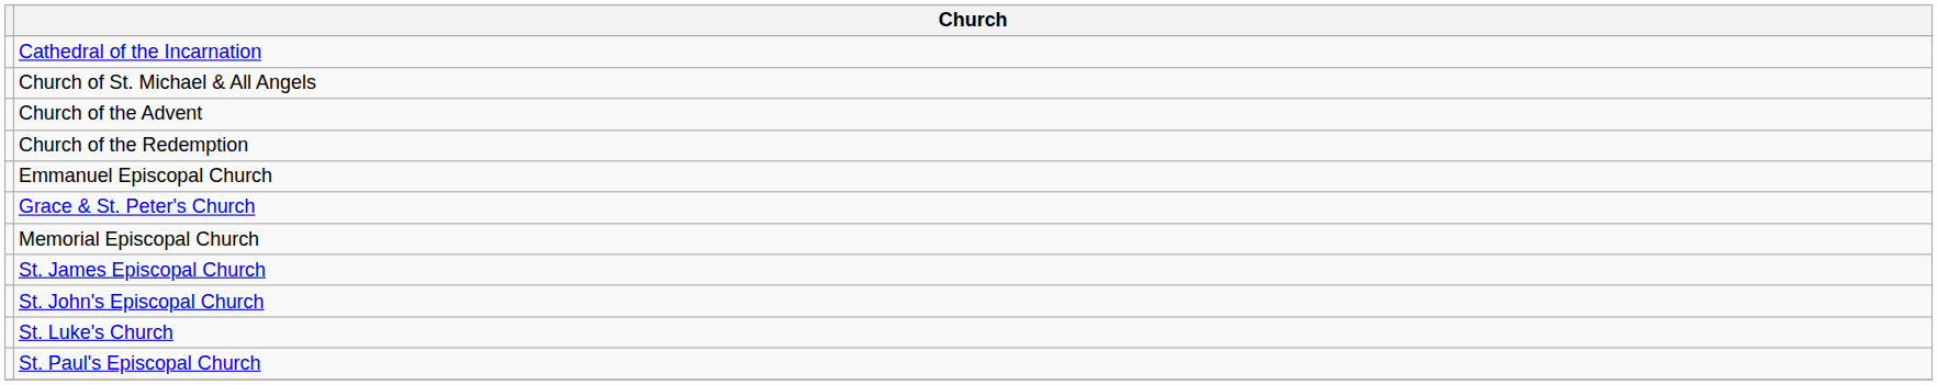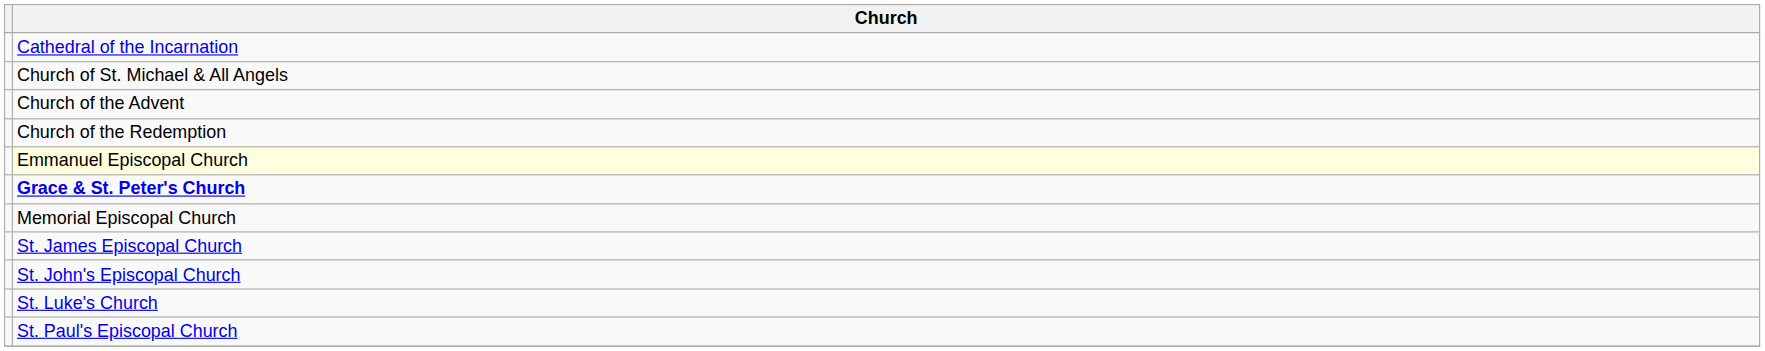 <table class="wikitable">
 <tr>
 <th width="0%"></th>
 <th width="100%">Church</th>
 </tr>
 <tr>
 </tr>
 <tr>
 <td></td>
 <td><a href='#'>Cathedral of the Incarnation</a></td>
 </tr>
 <tr>
 <td></td>
 <td>Church of St. Michael & All Angels</td>
 </tr>
 <tr>
 <td></td>
 <td>Church of the Advent</td>
 </tr>
 <tr>
 <td></td>
 <td>Church of the Redemption</td>
 </tr>
 <tr>
 <td></td>
-<td>Emmanuel Episcopal Church</td>
+<td style="background: lightyellow;">Emmanuel Episcopal Church</td>
 </tr>
 <tr>
 <td></td>
-<td><a href='#'>Grace & St. Peter's Church</a></td>
+<td><strong><a href='#'>Grace & St. Peter's Church</a></strong></td>
 </tr>
 <tr>
 <td></td>
 <td>Memorial Episcopal Church</td>
 </tr>
 <tr>
 <td></td>
 <td><a href='#'>St. James Episcopal Church</a></td>
 </tr>
 <tr>
 <td></td>
 <td><a href='#'>St. John's Episcopal Church</a></td>
 </tr>
 <tr>
 <td></td>
 <td><a href='#'>St. Luke's Church</a></td>
 </tr>
 <tr>
 <td></td>
 <td><a href='#'>St. Paul's Episcopal Church</a></td>
 </tr>
 <tr>
 </tr>
 </table>
